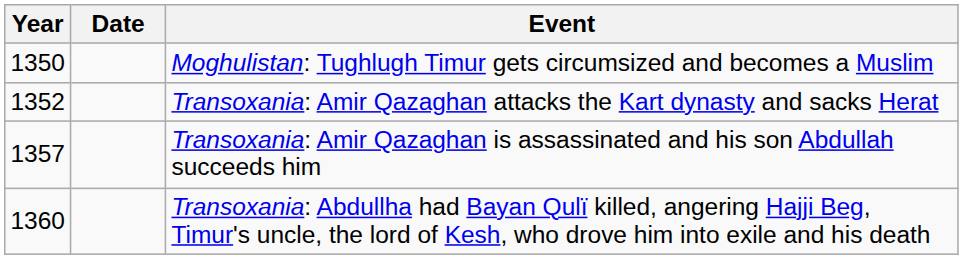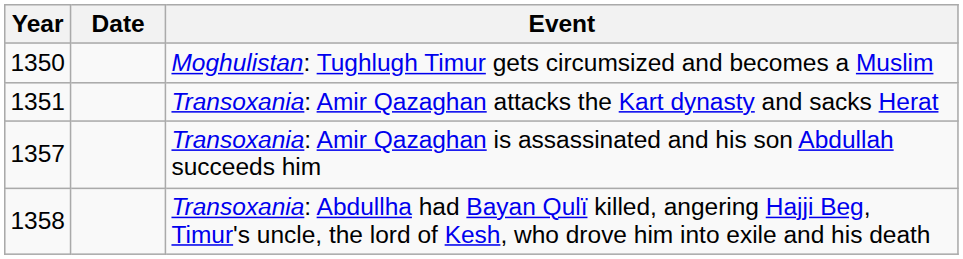 <table class="wikitable" width="100%">
 <tr>
 <th style="width:6%">Year</th>
 <th style="width:10%">Date</th>
 <th>Event</th>
 </tr>
 <tr>
 <td>1350</td>
 <td></td>
 <td><em><a href='#'>Moghulistan</a></em>: <a href='#'>Tughlugh Timur</a> gets circumsized and becomes a <a href='#'>Muslim</a></td>
 </tr>
 <tr>
-<td>1352</td>
+<td>1351</td>
 <td></td>
 <td><em><a href='#'>Transoxania</a></em>: <a href='#'>Amir Qazaghan</a> attacks the <a href='#'>Kart dynasty</a> and sacks <a href='#'>Herat</a></td>
 </tr>
 <tr>
 <td>1357</td>
 <td></td>
 <td><em><a href='#'>Transoxania</a></em>: <a href='#'>Amir Qazaghan</a> is assassinated and his son <a href='#'>Abdullah</a> succeeds him</td>
 </tr>
 <tr>
-<td>1360</td>
+<td>1358</td>
 <td></td>
 <td><em><a href='#'>Transoxania</a></em>: <a href='#'>Abdullha</a> had <a href='#'>Bayan Qulï</a> killed, angering <a href='#'>Hajji Beg</a>, <a href='#'>Timur</a>'s uncle, the lord of <a href='#'>Kesh</a>, who drove him into exile and his death</td>
 </tr>
 </table>
